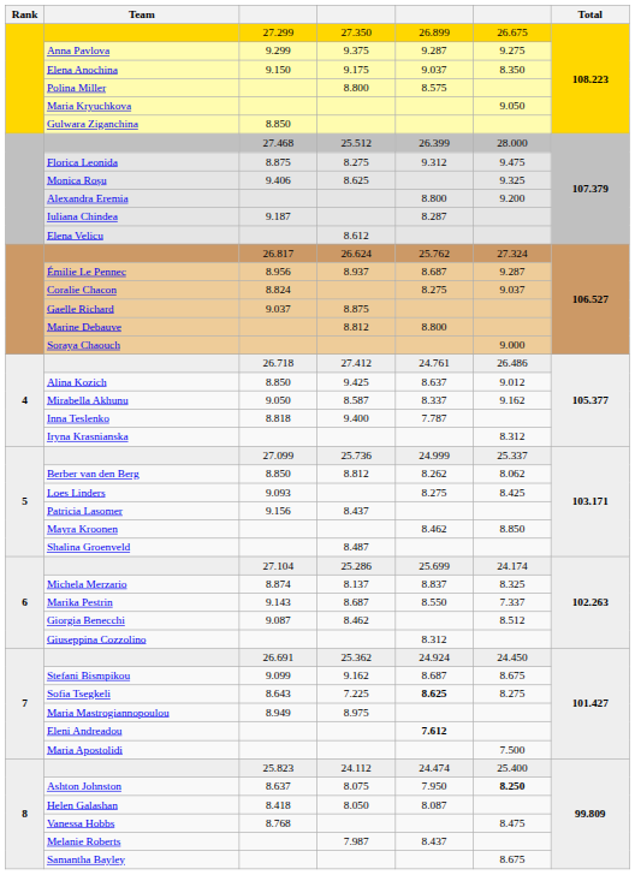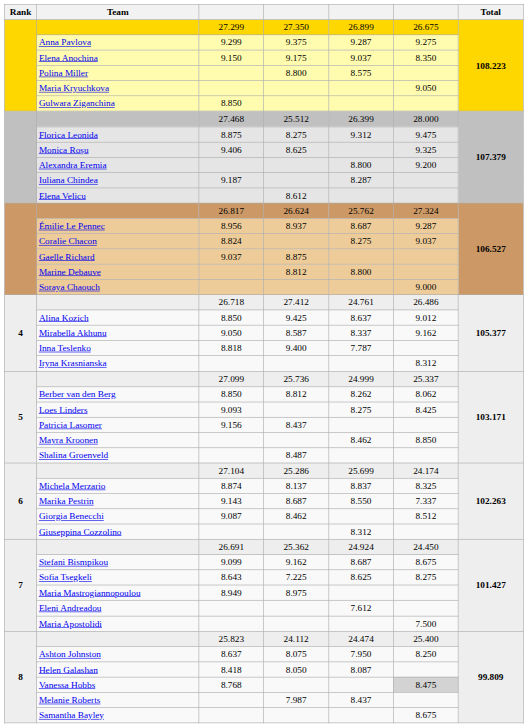 <table class="wikitable" style="text-align:center; font-size:95%">
 <tr>
 <th width="5%">Rank</th>
 <th width="25%">Team</th>
 <th width="10%"></th>
 <th width="10%"></th>
 <th width="10%"></th>
 <th width="10%"></th>
 <th width="10%">Total</th>
 </tr>
 <tr bgcolor=gold>
 <td rowspan=6></td>
 <td align="left"><strong></strong></td>
 <td>27.299</td>
 <td>27.350</td>
 <td>26.899</td>
 <td>26.675</td>
 <td rowspan=6><strong>108.223</strong></td>
 </tr>
 <tr bgcolor=fffcaf>
 <td align="left"><a href='#'>Anna Pavlova</a></td>
 <td>9.299</td>
 <td>9.375</td>
 <td>9.287</td>
 <td>9.275</td>
 </tr>
 <tr bgcolor=fffcaf>
 <td align="left"><a href='#'>Elena Anochina</a></td>
 <td>9.150</td>
 <td>9.175</td>
 <td>9.037</td>
 <td>8.350</td>
 </tr>
 <tr bgcolor=fffcaf>
 <td align="left"><a href='#'>Polina Miller</a></td>
 <td></td>
 <td>8.800</td>
 <td>8.575</td>
 <td></td>
 </tr>
 <tr bgcolor=fffcaf>
 <td align="left"><a href='#'>Maria Kryuchkova</a></td>
 <td></td>
 <td></td>
 <td></td>
 <td>9.050</td>
 </tr>
 <tr bgcolor=fffcaf>
 <td align="left"><a href='#'>Gulwara Ziganchina</a></td>
 <td>8.850</td>
 <td></td>
 <td></td>
 <td></td>
 </tr>
 <tr bgcolor=silver>
 <td rowspan=6></td>
 <td align="left"><strong></strong></td>
 <td>27.468</td>
 <td>25.512</td>
 <td>26.399</td>
 <td>28.000</td>
 <td rowspan=6><strong>107.379</strong></td>
 </tr>
 <tr bgcolor=e5e5e5>
 <td align="left"><a href='#'>Florica Leonida</a></td>
 <td>8.875</td>
 <td>8.275</td>
 <td>9.312</td>
 <td>9.475</td>
 </tr>
 <tr bgcolor=e5e5e5>
 <td align="left"><a href='#'>Monica Roșu</a></td>
 <td>9.406</td>
 <td>8.625</td>
 <td></td>
 <td>9.325</td>
 </tr>
 <tr bgcolor=e5e5e5>
 <td align="left"><a href='#'>Alexandra Eremia</a></td>
 <td></td>
 <td></td>
 <td>8.800</td>
 <td>9.200</td>
 </tr>
 <tr bgcolor=e5e5e5>
 <td align="left"><a href='#'>Iuliana Chindea</a></td>
 <td>9.187</td>
 <td></td>
 <td>8.287</td>
 <td></td>
 </tr>
 <tr bgcolor=e5e5e5>
 <td align="left"><a href='#'>Elena Velicu</a></td>
 <td></td>
 <td>8.612</td>
 <td></td>
 <td></td>
 </tr>
 <tr bgcolor=cc9966>
 <td rowspan=6></td>
 <td align="left"><strong></strong></td>
 <td>26.817</td>
 <td>26.624</td>
 <td>25.762</td>
 <td>27.324</td>
 <td rowspan=6><strong>106.527</strong></td>
 </tr>
 <tr bgcolor=eecc99>
 <td align="left"><a href='#'>Émilie Le Pennec</a></td>
 <td>8.956</td>
 <td>8.937</td>
 <td>8.687</td>
 <td>9.287</td>
 </tr>
 <tr bgcolor=eecc99>
 <td align="left"><a href='#'>Coralie Chacon</a></td>
 <td>8.824</td>
 <td></td>
 <td>8.275</td>
 <td>9.037</td>
 </tr>
 <tr bgcolor=eecc99>
 <td align="left"><a href='#'>Gaelle Richard</a></td>
 <td>9.037</td>
 <td>8.875</td>
 <td></td>
 <td></td>
 </tr>
 <tr bgcolor=eecc99>
 <td align="left"><a href='#'>Marine Debauve</a></td>
 <td></td>
 <td>8.812</td>
 <td>8.800</td>
 <td></td>
 </tr>
 <tr bgcolor=eecc99>
 <td align="left"><a href='#'>Soraya Chaouch</a></td>
 <td></td>
 <td></td>
 <td></td>
 <td>9.000</td>
 </tr>
 <tr bgcolor=eeeeee>
 <td rowspan=5><strong>4</strong></td>
 <td align="left"><strong></strong></td>
 <td>26.718</td>
 <td>27.412</td>
 <td>24.761</td>
 <td>26.486</td>
 <td rowspan=5><strong>105.377</strong></td>
 </tr>
 <tr>
 <td align="left"><a href='#'>Alina Kozich</a></td>
 <td>8.850</td>
 <td>9.425</td>
 <td>8.637</td>
 <td>9.012</td>
 </tr>
 <tr>
 <td align="left"><a href='#'>Mirabella Akhunu</a></td>
 <td>9.050</td>
 <td>8.587</td>
 <td>8.337</td>
 <td>9.162</td>
 </tr>
 <tr>
 <td align="left"><a href='#'>Inna Teslenko</a></td>
 <td>8.818</td>
 <td>9.400</td>
 <td>7.787</td>
 <td></td>
 </tr>
 <tr>
 <td align="left"><a href='#'>Iryna Krasnianska</a></td>
 <td></td>
 <td></td>
 <td></td>
 <td>8.312</td>
 </tr>
 <tr bgcolor=eeeeee>
 <td rowspan=6><strong>5</strong></td>
 <td align="left"><strong></strong></td>
 <td>27.099</td>
 <td>25.736</td>
 <td>24.999</td>
 <td>25.337</td>
 <td rowspan=6><strong>103.171</strong></td>
 </tr>
 <tr>
 <td align="left"><a href='#'>Berber van den Berg</a></td>
 <td>8.850</td>
 <td>8.812</td>
 <td>8.262</td>
 <td>8.062</td>
 </tr>
 <tr>
 <td align="left"><a href='#'>Loes Linders</a></td>
 <td>9.093</td>
 <td></td>
 <td>8.275</td>
 <td>8.425</td>
 </tr>
 <tr>
 <td align="left"><a href='#'>Patricia Lasomer</a></td>
 <td>9.156</td>
 <td>8.437</td>
 <td></td>
 <td></td>
 </tr>
 <tr>
 <td align="left"><a href='#'>Mayra Kroonen</a></td>
 <td></td>
 <td></td>
 <td>8.462</td>
 <td>8.850</td>
 </tr>
 <tr>
 <td align="left"><a href='#'>Shalina Groenveld</a></td>
 <td></td>
 <td>8.487</td>
 <td></td>
 <td></td>
 </tr>
 <tr bgcolor=eeeeee>
 <td rowspan=5><strong>6</strong></td>
 <td align="left"><strong></strong></td>
 <td>27.104</td>
 <td>25.286</td>
 <td>25.699</td>
 <td>24.174</td>
 <td rowspan=5><strong>102.263</strong></td>
 </tr>
 <tr>
 <td align="left"><a href='#'>Michela Merzario</a></td>
 <td>8.874</td>
 <td>8.137</td>
 <td>8.837</td>
 <td>8.325</td>
 </tr>
 <tr>
 <td align="left"><a href='#'>Marika Pestrin</a></td>
 <td>9.143</td>
 <td>8.687</td>
 <td>8.550</td>
 <td>7.337</td>
 </tr>
 <tr>
 <td align="left"><a href='#'>Giorgia Benecchi</a></td>
 <td>9.087</td>
 <td>8.462</td>
 <td></td>
 <td>8.512</td>
 </tr>
 <tr>
 <td align="left"><a href='#'>Giuseppina Cozzolino</a></td>
 <td></td>
 <td></td>
 <td>8.312</td>
 <td></td>
 </tr>
 <tr bgcolor=eeeeee>
 <td rowspan=6><strong>7</strong></td>
 <td align="left"><strong></strong></td>
 <td>26.691</td>
 <td>25.362</td>
 <td>24.924</td>
 <td>24.450</td>
 <td rowspan=6><strong>101.427</strong></td>
 </tr>
 <tr>
 <td align="left"><a href='#'>Stefani Bismpikou</a></td>
 <td>9.099</td>
 <td>9.162</td>
 <td>8.687</td>
 <td>8.675</td>
 </tr>
 <tr>
 <td align="left"><a href='#'>Sofia Tsegkeli</a></td>
 <td>8.643</td>
 <td>7.225</td>
-<td><strong>8.625</strong></td>
+<td>8.625</td>
 <td>8.275</td>
 </tr>
 <tr>
 <td align="left"><a href='#'>Maria Mastrogiannopoulou</a></td>
 <td>8.949</td>
 <td>8.975</td>
 <td></td>
 <td></td>
 </tr>
 <tr>
 <td align="left"><a href='#'>Eleni Andreadou</a></td>
 <td></td>
 <td></td>
-<td><strong>7.612</strong></td>
+<td>7.612</td>
 <td></td>
 </tr>
 <tr>
 <td align="left"><a href='#'>Maria Apostolidi</a></td>
 <td></td>
 <td></td>
 <td></td>
 <td>7.500</td>
 </tr>
 <tr bgcolor=eeeeee>
 <td rowspan=6><strong>8</strong></td>
 <td align="left"><strong></strong></td>
 <td>25.823</td>
 <td>24.112</td>
 <td>24.474</td>
 <td>25.400</td>
 <td rowspan=6><strong>99.809</strong></td>
 </tr>
 <tr>
 <td align="left"><a href='#'>Ashton Johnston</a></td>
 <td>8.637</td>
 <td>8.075</td>
 <td>7.950</td>
-<td><strong>8.250</strong></td>
+<td>8.250</td>
 </tr>
 <tr>
 <td align="left"><a href='#'>Helen Galashan</a></td>
 <td>8.418</td>
 <td>8.050</td>
 <td>8.087</td>
 <td></td>
 </tr>
 <tr>
 <td align="left"><a href='#'>Vanessa Hobbs</a></td>
 <td>8.768</td>
 <td></td>
 <td></td>
-<td>8.475</td>
+<td style="background: lightgrey;">8.475</td>
 </tr>
 <tr>
 <td align="left"><a href='#'>Melanie Roberts</a></td>
 <td></td>
 <td>7.987</td>
 <td>8.437</td>
 <td></td>
 </tr>
 <tr>
 <td align="left"><a href='#'>Samantha Bayley</a></td>
 <td></td>
 <td></td>
 <td></td>
 <td>8.675</td>
 </tr>
 </table>
